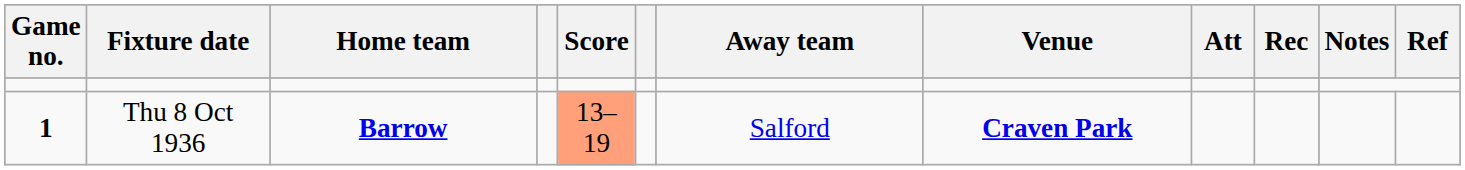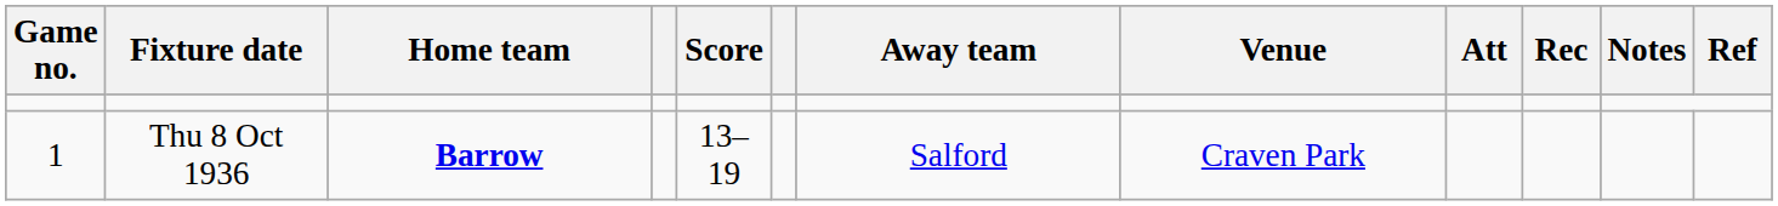 <table class="wikitable" style="text-align:center;">
 <tr>
 <th width=20 abbr="No">Game no.</th>
 <th width=100 abbr="Date">Fixture date</th>
 <th width=150 abbr="Home team">Home team</th>
 <th width=5 abbr="space"></th>
 <th width=20 abbr="Score">Score</th>
 <th width=5 abbr="space"></th>
 <th width=150 abbr="Away team">Away team</th>
 <th width=150 abbr="Venue">Venue</th>
 <th width=30 abbr="Att">Att</th>
 <th width=30 abbr="Rec">Rec</th>
 <th width=20 abbr="Notes">Notes</th>
 <th width=30 abbr="Ref">Ref</th>
 </tr>
 <tr>
 <td></td>
 <td></td>
 <td></td>
 <td></td>
 <td></td>
 <td></td>
 <td></td>
 <td></td>
 <td></td>
 <td></td>
 </tr>
 <tr>
-<td><strong>1</strong></td>
+<td>1</td>
 <td>Thu 8 Oct 1936</td>
 <td><strong><a href='#'>Barrow</a></strong></td>
 <td></td>
-<td style="background: lightsalmon;">13–19</td>
+<td>13–19</td>
 <td></td>
 <td><a href='#'>Salford</a></td>
-<td><strong><a href='#'>Craven Park</a></strong></td>
+<td><a href='#'>Craven Park</a></td>
 <td></td>
 <td></td>
 <td></td>
 <td></td>
 </tr>
 </table>
